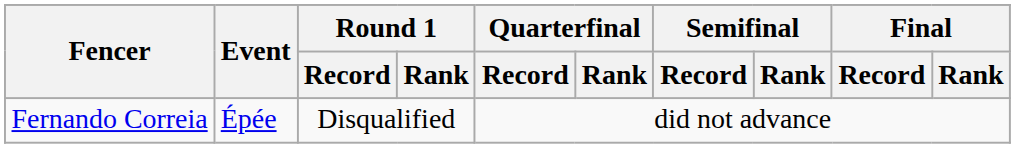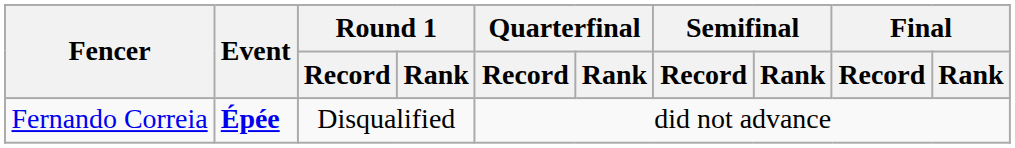 <table class=wikitable style="font-size:90%">
 <tr>
 <th rowspan="2">Fencer</th>
 <th rowspan="2">Event</th>
 <th colspan="2">Round 1</th>
 <th colspan="2">Quarterfinal</th>
 <th colspan="2">Semifinal</th>
 <th colspan="2">Final</th>
 </tr>
 <tr>
 <th>Record</th>
 <th>Rank</th>
 <th>Record</th>
 <th>Rank</th>
 <th>Record</th>
 <th>Rank</th>
 <th>Record</th>
 <th>Rank</th>
 </tr>
 <tr>
 <td><a href='#'>Fernando Correia</a></td>
-<td><a href='#'>Épée</a></td>
+<td><strong><a href='#'>Épée</a></strong></td>
 <td align=center colspan=2>Disqualified</td>
 <td align=center colspan=6>did not advance</td>
 </tr>
 </table>
